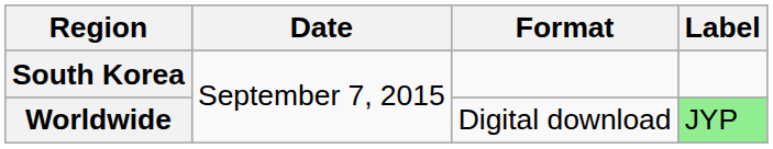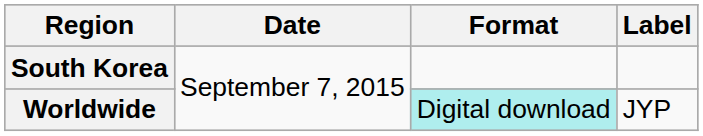 <table class="wikitable plainrowheaders">
 <tr>
 <th>Region</th>
 <th>Date</th>
 <th>Format</th>
 <th>Label</th>
 </tr>
 <tr>
 <th scope="row">South Korea</th>
 <td rowspan="2">September 7, 2015</td>
 <td></td>
 <td></td>
 </tr>
 <tr>
 <th scope="row">Worldwide</th>
-<td>Digital download</td>
-<td style="background: lightgreen;">JYP</td>
+<td style="background: paleturquoise;">Digital download</td>
+<td>JYP</td>
 </tr>
 </table>
